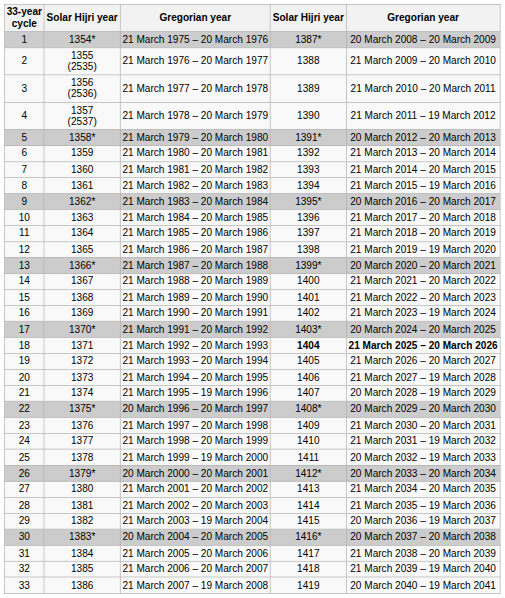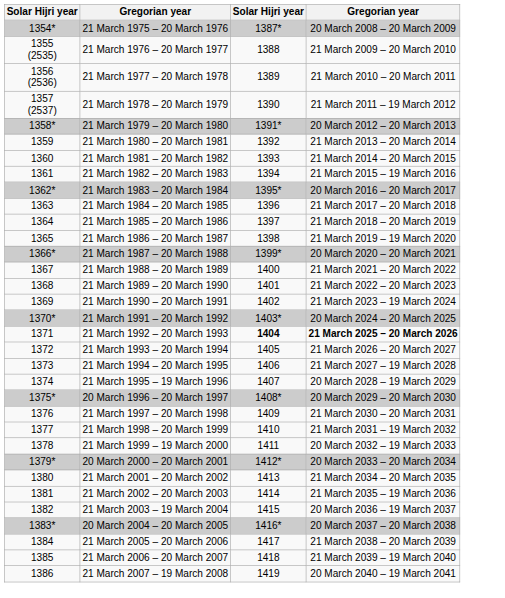 <table class="wikitable">
 <tr>
-<th>33-year <br> cycle</th>
 <th>Solar Hijri year</th>
 <th>Gregorian year</th>
 <th>Solar Hijri year</th>
 <th>Gregorian year</th>
 </tr>
 <tr style="text-align:center; background:#ccc;">
-<td>1</td>
 <td>1354*</td>
 <td>21 March 1975 – 20 March 1976</td>
 <td>1387*</td>
 <td>20 March 2008 – 20 March 2009</td>
 </tr>
 <tr style="text-align:center;">
-<td>2</td>
 <td>1355<br>(2535)</td>
 <td>21 March 1976 – 20 March 1977</td>
 <td>1388</td>
 <td>21 March 2009 – 20 March 2010</td>
 </tr>
 <tr style="text-align:center;">
-<td>3</td>
 <td>1356<br>(2536)</td>
 <td>21 March 1977 – 20 March 1978</td>
 <td>1389</td>
 <td>21 March 2010 – 20 March 2011</td>
 </tr>
 <tr style="text-align:center;">
-<td>4</td>
 <td>1357<br>(2537)</td>
 <td>21 March 1978 – 20 March 1979</td>
 <td>1390</td>
 <td>21 March 2011 – 19 March 2012</td>
 </tr>
 <tr style="text-align:center; background:#ccc;">
-<td>5</td>
 <td>1358*</td>
 <td>21 March 1979 – 20 March 1980</td>
 <td>1391*</td>
 <td>20 March 2012 – 20 March 2013</td>
 </tr>
 <tr style="text-align:center;">
-<td>6</td>
 <td>1359</td>
 <td>21 March 1980 – 20 March 1981</td>
 <td>1392</td>
 <td>21 March 2013 – 20 March 2014</td>
 </tr>
 <tr style="text-align:center;">
-<td>7</td>
 <td>1360</td>
 <td>21 March 1981 – 20 March 1982</td>
 <td>1393</td>
 <td>21 March 2014 – 20 March 2015</td>
 </tr>
 <tr style="text-align:center;">
-<td>8</td>
 <td>1361</td>
 <td>21 March 1982 – 20 March 1983</td>
 <td>1394</td>
 <td>21 March 2015 – 19 March 2016</td>
 </tr>
 <tr style="text-align:center; background:#ccc;">
-<td>9</td>
 <td>1362*</td>
 <td>21 March 1983 – 20 March 1984</td>
 <td>1395*</td>
 <td>20 March 2016 – 20 March 2017</td>
 </tr>
 <tr style="text-align:center;">
-<td>10</td>
 <td>1363</td>
 <td>21 March 1984 – 20 March 1985</td>
 <td>1396</td>
 <td>21 March 2017 – 20 March 2018</td>
 </tr>
 <tr style="text-align:center;">
-<td>11</td>
 <td>1364</td>
 <td>21 March 1985 – 20 March 1986</td>
 <td>1397</td>
 <td>21 March 2018 – 20 March 2019</td>
 </tr>
 <tr style="text-align:center;">
-<td>12</td>
 <td>1365</td>
 <td>21 March 1986 – 20 March 1987</td>
 <td>1398</td>
 <td>21 March 2019 – 19 March 2020</td>
 </tr>
 <tr style="text-align:center; background:#ccc;">
-<td>13</td>
 <td>1366*</td>
 <td>21 March 1987 – 20 March 1988</td>
 <td>1399*</td>
 <td>20 March 2020 – 20 March 2021</td>
 </tr>
 <tr style="text-align:center;">
-<td>14</td>
 <td>1367</td>
 <td>21 March 1988 – 20 March 1989</td>
 <td>1400</td>
 <td>21 March 2021 – 20 March 2022</td>
 </tr>
 <tr style="text-align:center;">
-<td>15</td>
 <td>1368</td>
 <td>21 March 1989 – 20 March 1990</td>
 <td>1401</td>
 <td>21 March 2022 – 20 March 2023</td>
 </tr>
 <tr style="text-align:center;">
-<td>16</td>
 <td>1369</td>
 <td>21 March 1990 – 20 March 1991</td>
 <td>1402</td>
 <td>21 March 2023 – 19 March 2024</td>
 </tr>
 <tr style="text-align:center; background:#ccc;">
-<td>17</td>
 <td>1370*</td>
 <td>21 March 1991 – 20 March 1992</td>
 <td>1403*</td>
 <td>20 March 2024 – 20 March 2025</td>
 </tr>
 <tr style="text-align:center;">
-<td>18</td>
 <td>1371</td>
 <td>21 March 1992 – 20 March 1993</td>
 <td><strong>1404</strong></td>
 <td><strong> 21 March 2025 – 20 March 2026</strong></td>
 </tr>
 <tr style="text-align:center;">
-<td>19</td>
 <td>1372</td>
 <td>21 March 1993 – 20 March 1994</td>
 <td>1405</td>
 <td>21 March 2026 – 20 March 2027</td>
 </tr>
 <tr style="text-align:center;">
-<td>20</td>
 <td>1373</td>
 <td>21 March 1994 – 20 March 1995</td>
 <td>1406</td>
 <td>21 March 2027 – 19 March 2028</td>
 </tr>
 <tr style="text-align:center;">
-<td>21</td>
 <td>1374</td>
 <td>21 March 1995 – 19 March 1996</td>
 <td>1407</td>
 <td>20 March 2028 – 19 March 2029</td>
 </tr>
 <tr style="text-align:center; background:#ccc;">
-<td>22</td>
 <td>1375*</td>
 <td>20 March 1996 – 20 March 1997</td>
 <td>1408*</td>
 <td>20 March 2029 – 20 March 2030</td>
 </tr>
 <tr style="text-align:center;">
-<td>23</td>
 <td>1376</td>
 <td>21 March 1997 – 20 March 1998</td>
 <td>1409</td>
 <td>21 March 2030 – 20 March 2031</td>
 </tr>
 <tr style="text-align:center;">
-<td>24</td>
 <td>1377</td>
 <td>21 March 1998 – 20 March 1999</td>
 <td>1410</td>
 <td>21 March 2031 – 19 March 2032</td>
 </tr>
 <tr style="text-align:center;">
-<td>25</td>
 <td>1378</td>
 <td>21 March 1999 – 19 March 2000</td>
 <td>1411</td>
 <td>20 March 2032 – 19 March 2033</td>
 </tr>
 <tr style="text-align:center; background:#ccc;">
-<td>26</td>
 <td>1379*</td>
 <td>20 March 2000 – 20 March 2001</td>
 <td>1412*</td>
 <td>20 March 2033 – 20 March 2034</td>
 </tr>
 <tr style="text-align:center;">
-<td>27</td>
 <td>1380</td>
 <td>21 March 2001 – 20 March 2002</td>
 <td>1413</td>
 <td>21 March 2034 – 20 March 2035</td>
 </tr>
 <tr style="text-align:center;">
-<td>28</td>
 <td>1381</td>
 <td>21 March 2002 – 20 March 2003</td>
 <td>1414</td>
 <td>21 March 2035 – 19 March 2036</td>
 </tr>
 <tr style="text-align:center;">
-<td>29</td>
 <td>1382</td>
 <td>21 March 2003 – 19 March 2004</td>
 <td>1415</td>
 <td>20 March 2036 – 19 March 2037</td>
 </tr>
 <tr style="text-align:center; background:#ccc;">
-<td>30</td>
 <td>1383*</td>
 <td>20 March 2004 – 20 March 2005</td>
 <td>1416*</td>
 <td>20 March 2037 – 20 March 2038</td>
 </tr>
 <tr style="text-align:center;">
-<td>31</td>
 <td>1384</td>
 <td>21 March 2005 – 20 March 2006</td>
 <td>1417</td>
 <td>21 March 2038 – 20 March 2039</td>
 </tr>
 <tr style="text-align:center;">
-<td>32</td>
 <td>1385</td>
 <td>21 March 2006 – 20 March 2007</td>
 <td>1418</td>
 <td>21 March 2039 – 19 March 2040</td>
 </tr>
 <tr style="text-align:center;">
-<td>33</td>
 <td>1386</td>
 <td>21 March 2007 – 19 March 2008</td>
 <td>1419</td>
 <td>20 March 2040 – 19 March 2041</td>
 </tr>
 </table>
